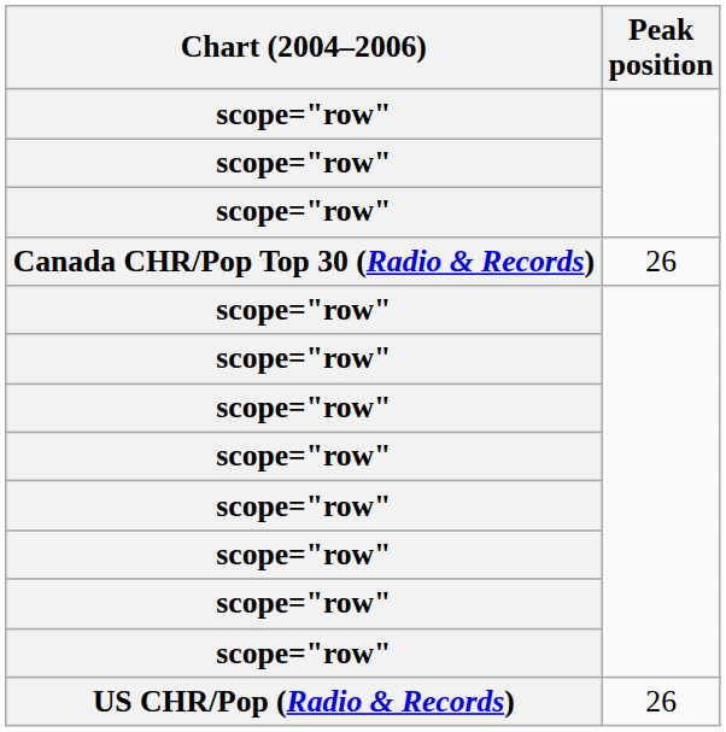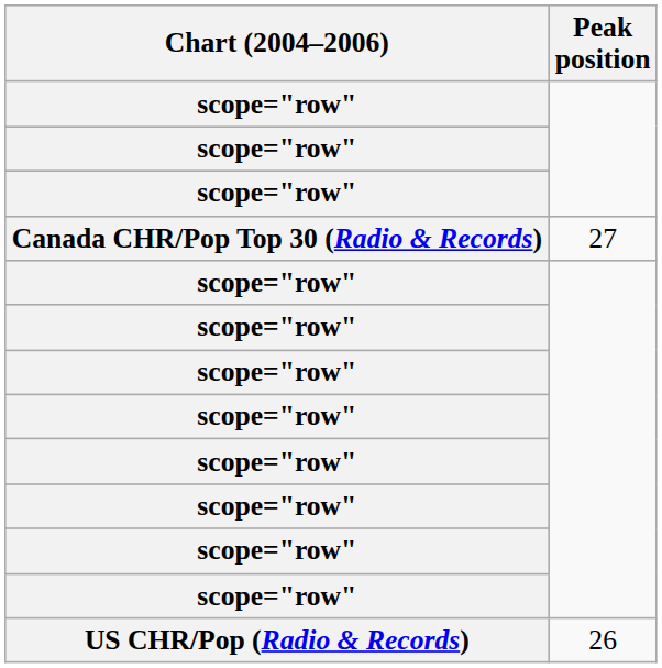 <table class="wikitable sortable plainrowheaders" style="text-align:center">
 <tr>
 <th>Chart (2004–2006)</th>
 <th>Peak<br>position</th>
 </tr>
 <tr>
 <th>scope="row"</th>
 </tr>
 <tr>
 <th>scope="row"</th>
 </tr>
 <tr>
 <th>scope="row"</th>
 </tr>
 <tr>
 <th scope="row">Canada CHR/Pop Top 30 (<em><a href='#'>Radio & Records</a></em>)</th>
-<td>26</td>
+<td>27</td>
 </tr>
 <tr>
 <th>scope="row"</th>
 </tr>
 <tr>
 <th>scope="row"</th>
 </tr>
 <tr>
 <th>scope="row"</th>
 </tr>
 <tr>
 <th>scope="row"</th>
 </tr>
 <tr>
 <th>scope="row"</th>
 </tr>
 <tr>
 <th>scope="row"</th>
 </tr>
 <tr>
 <th>scope="row"</th>
 </tr>
 <tr>
 <th>scope="row"</th>
 </tr>
 <tr>
 <th scope="row">US CHR/Pop (<em><a href='#'>Radio & Records</a></em>)</th>
 <td>26</td>
 </tr>
 </table>
